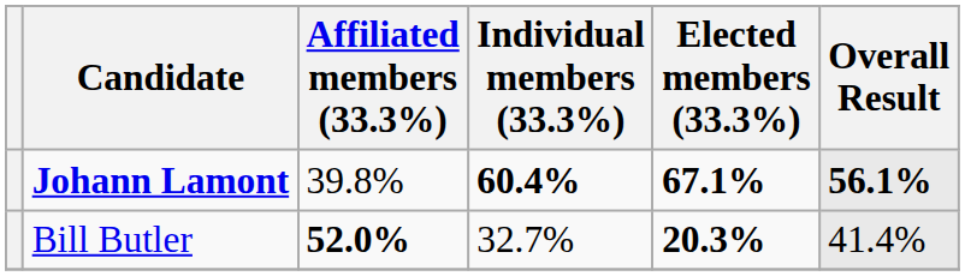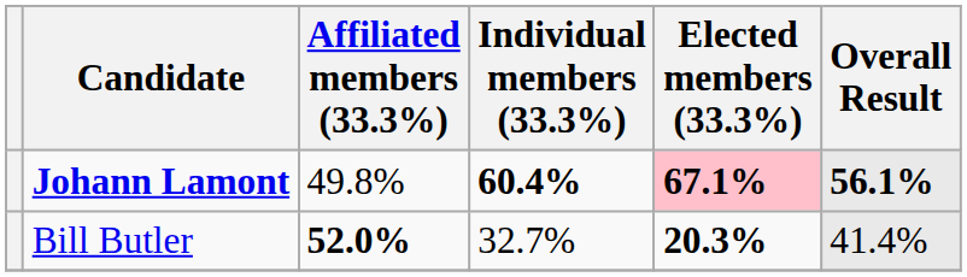 <table class="wikitable">
 <tr>
 <th></th>
 <th>Candidate</th>
 <th><a href='#'>Affiliated</a> <br> members<br> <strong>(33.3%)</strong></th>
 <th>Individual <br> members <br> <strong>(33.3%)</strong></th>
 <th>Elected <br>members<br> <strong>(33.3%)</strong></th>
 <th>Overall <br> Result</th>
 </tr>
 <tr>
 <th style="background-color: "></th>
 <td><strong><a href='#'>Johann Lamont</a></strong></td>
-<td>39.8%</td>
+<td>49.8%</td>
 <td><strong>60.4%</strong></td>
-<td><strong>67.1%</strong></td>
+<td style="background: pink;"><strong>67.1%</strong></td>
 <td style="background:#e9e9e9;"><strong>56.1%</strong></td>
 </tr>
 <tr>
 <th style="background-color: "></th>
 <td><a href='#'>Bill Butler</a></td>
 <td><strong>52.0%</strong></td>
 <td>32.7%</td>
 <td><strong>20.3%</strong></td>
 <td style="background:#e9e9e9;">41.4%</td>
 </tr>
 <tr>
 </tr>
 </table>
